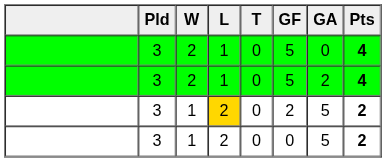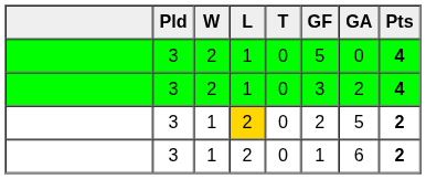 <table border=1 cellpadding=5 cellspacing=0>
 <tr>
 <th bgcolor="#efefef" width="120"></th>
 <th bgcolor="#efefef" width="20">Pld</th>
 <th bgcolor="#efefef" width="20">W</th>
 <th bgcolor="#efefef" width="20">L</th>
 <th bgcolor="#efefef" width="20">T</th>
 <th bgcolor="#efefef" width="20">GF</th>
 <th bgcolor="#efefef" width="20">GA</th>
 <th bgcolor="#efefef" width="20">Pts</th>
 </tr>
 <tr align=center bgcolor="lime">
 <td align=left></td>
 <td>3</td>
 <td>2</td>
 <td>1</td>
 <td>0</td>
 <td>5</td>
 <td>0</td>
 <td><strong>4</strong></td>
 </tr>
 <tr align=center bgcolor="lime">
 <td align=left></td>
 <td>3</td>
 <td>2</td>
 <td>1</td>
 <td>0</td>
-<td>5</td>
+<td>3</td>
 <td>2</td>
 <td><strong>4</strong></td>
 </tr>
 <tr align=center>
 <td align=left></td>
 <td>3</td>
 <td>1</td>
 <td style="background: gold;">2</td>
 <td>0</td>
 <td>2</td>
 <td>5</td>
 <td><strong>2</strong></td>
 </tr>
 <tr align=center>
 <td align=left></td>
 <td>3</td>
 <td>1</td>
 <td>2</td>
 <td>0</td>
-<td>0</td>
-<td>5</td>
+<td>1</td>
+<td>6</td>
 <td><strong>2</strong></td>
 </tr>
 <tr align=center>
 </tr>
 </table>
